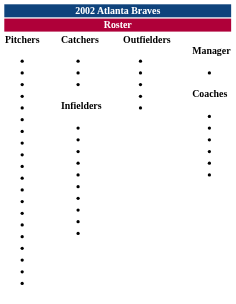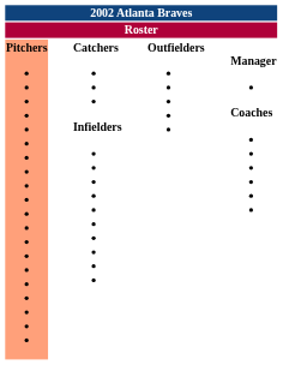 <table class="toccolours" style="font-size: 95%;">
 <tr>
 <th colspan="10" style="background-color: #0f437c; color: #FFFFFF; text-align: center;">2002 Atlanta Braves</th>
 </tr>
 <tr>
 <td colspan="10" style="background-color:#af0039; color: white; text-align: center;"><strong>Roster</strong></td>
 </tr>
 <tr>
-<td valign="top"><strong>Pitchers</strong><br><ul><li></li><li></li><li></li><li></li><li></li><li></li><li></li><li></li><li></li><li></li><li></li><li></li><li></li><li></li><li></li><li></li><li></li><li></li><li></li><li></li></ul></td>
+<td valign="top" style="background: lightsalmon;"><strong>Pitchers</strong><br><ul><li></li><li></li><li></li><li></li><li></li><li></li><li></li><li></li><li></li><li></li><li></li><li></li><li></li><li></li><li></li><li></li><li></li><li></li><li></li><li></li></ul></td>
 <td width="25px"></td>
 <td valign="top"><strong>Catchers</strong><br><ul><li></li><li></li><li></li></ul><strong>Infielders</strong><ul><li></li><li></li><li></li><li></li><li></li><li></li><li></li><li></li><li></li><li></li></ul></td>
 <td width="25px"></td>
 <td valign="top"><strong>Outfielders</strong><br><ul><li></li><li></li><li></li><li></li><li></li></ul></td>
 <td width="25px"></td>
 <td valign="top"><br><strong>Manager</strong><ul><li></li></ul><strong>Coaches</strong><ul><li></li><li></li><li></li><li></li><li></li><li></li></ul></td>
 </tr>
 </table>
